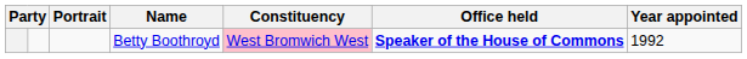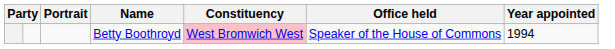 <table class="wikitable sortable">
 <tr>
 <th colspan=2>Party</th>
 <th>Portrait</th>
 <th>Name</th>
 <th>Constituency</th>
 <th>Office held</th>
 <th>Year appointed</th>
 </tr>
 <tr>
 <th style="background-color: "></th>
 <td></td>
 <td></td>
 <td><a href='#'>Betty Boothroyd</a></td>
 <td style="background: pink;"><a href='#'>West Bromwich West</a></td>
-<td><strong><a href='#'>Speaker of the House of Commons</a></strong></td>
-<td>1992</td>
+<td><a href='#'>Speaker of the House of Commons</a></td>
+<td>1994</td>
 </tr>
 </table>
